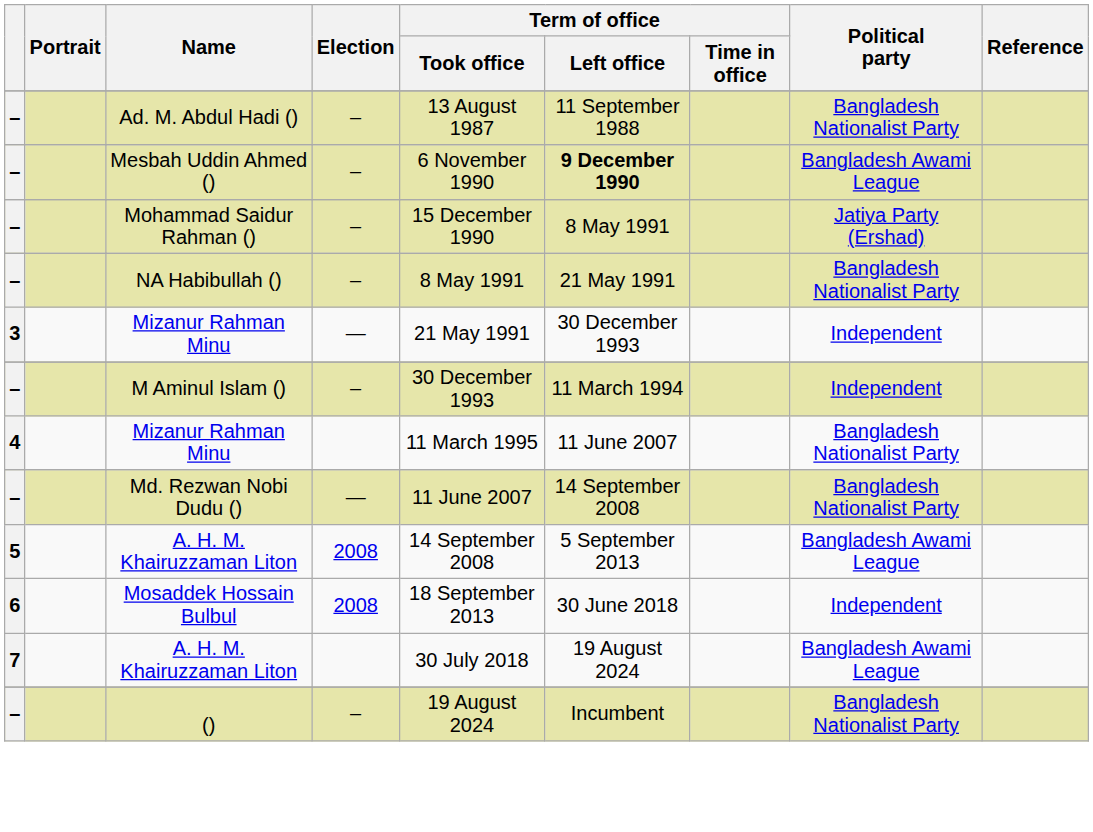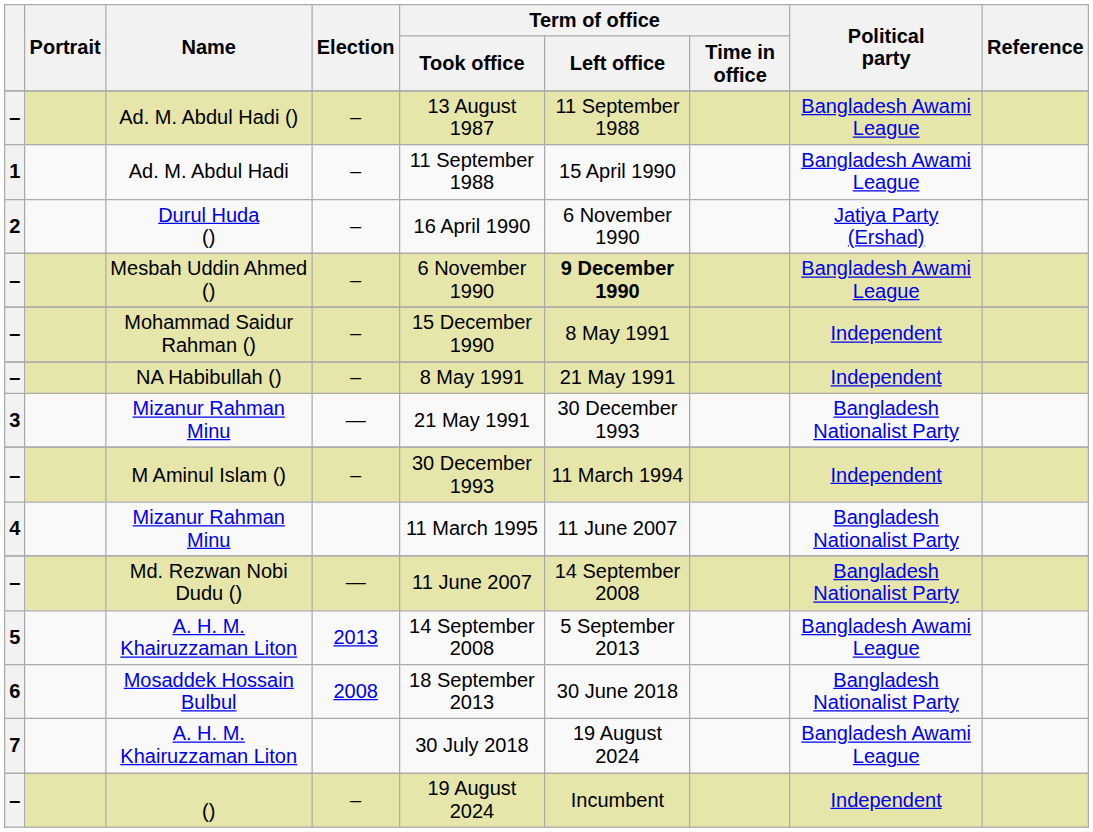 <table class="wikitable" style="text-align:center">
 <tr>
 <th rowspan="2"></th>
 <th rowspan="2">Portrait</th>
 <th rowspan="2">Name<br></th>
 <th rowspan="2">Election</th>
 <th colspan="3"><strong>Term of office</strong></th>
 <th rowspan="2"><strong>Political<br> party</strong></th>
 <th rowspan="2"><strong>Reference</strong></th>
 </tr>
 <tr>
 <th><strong>Took office</strong></th>
 <th><strong>Left office</strong></th>
 <th><strong>Time in office</strong></th>
 </tr>
 <tr>
 </tr>
 <tr style="background:#e6e6aa;">
 <th style="background:">–</th>
 <td align=center></td>
 <td>Ad. M. Abdul Hadi ()</td>
 <td>–</td>
 <td align=center>13 August 1987</td>
 <td align=center>11 September 1988</td>
 <td></td>
-<td><a href='#'>Bangladesh Nationalist Party</a></td>
+<td><a href='#'>Bangladesh Awami League</a></td>
+<td></td>
+</tr>
+<tr>
+<th style="background:">1</th>
+<td align=center></td>
+<td>Ad. M. Abdul Hadi</td>
+<td>–</td>
+<td align=center>11 September 1988</td>
+<td align=center>15 April 1990</td>
+<td></td>
+<td><a href='#'>Bangladesh Awami League</a></td>
+<td></td>
+</tr>
+<tr>
+<th style="background:">2</th>
+<td align=center></td>
+<td><a href='#'>Durul Huda</a><br>()</td>
+<td>–</td>
+<td align=center>16 April 1990</td>
+<td align=center>6 November 1990</td>
+<td></td>
+<td><a href='#'>Jatiya Party (Ershad)</a></td>
 <td></td>
 </tr>
 <tr>
 </tr>
 <tr style="background:#e6e6aa;">
 <th style="background:">–</th>
 <td align=center></td>
 <td>Mesbah Uddin Ahmed ()</td>
 <td>–</td>
 <td align=center>6 November 1990</td>
 <td align=center><strong>9 December 1990</strong></td>
 <td></td>
 <td><a href='#'>Bangladesh Awami League</a></td>
 <td></td>
 </tr>
 <tr>
 </tr>
 <tr style="background:#e6e6aa;">
 <th style="background:">–</th>
 <td align=center></td>
 <td>Mohammad Saidur Rahman ()</td>
 <td>–</td>
 <td align=center>15 December 1990</td>
 <td align=center>8 May 1991</td>
 <td></td>
-<td><a href='#'>Jatiya Party (Ershad)</a></td>
+<td><a href='#'>Independent</a></td>
 <td></td>
 </tr>
 <tr>
 </tr>
 <tr style="background:#e6e6aa;">
 <th style="background:">–</th>
 <td align=center></td>
 <td>NA Habibullah ()</td>
 <td>–</td>
 <td align=center>8 May 1991</td>
 <td align=center>21 May 1991</td>
 <td></td>
-<td><a href='#'>Bangladesh Nationalist Party</a></td>
+<td><a href='#'>Independent</a></td>
 <td></td>
 </tr>
 <tr>
 <th style="background:">3</th>
 <td align=center></td>
 <td><a href='#'>Mizanur Rahman Minu</a></td>
 <td>—</td>
 <td align=center>21 May 1991</td>
 <td align=center>30 December 1993</td>
 <td></td>
-<td><a href='#'>Independent</a></td>
+<td><a href='#'>Bangladesh Nationalist Party</a></td>
 <td></td>
 </tr>
 <tr>
 </tr>
 <tr style="background:#e6e6aa;">
 <th style="background:">–</th>
 <td align=center></td>
 <td>M Aminul Islam ()</td>
 <td>–</td>
 <td align=center>30 December 1993</td>
 <td align=center>11 March 1994</td>
 <td></td>
 <td><a href='#'>Independent</a></td>
 <td></td>
 </tr>
 <tr>
 <th style="background:">4</th>
 <td align=center></td>
 <td><a href='#'>Mizanur Rahman Minu</a></td>
 <td></td>
 <td align=center>11 March 1995</td>
 <td align=center>11 June 2007</td>
 <td></td>
 <td><a href='#'>Bangladesh Nationalist Party</a></td>
 <td></td>
 </tr>
 <tr>
 </tr>
 <tr style="background:#e6e6aa;">
 <th style="background:">–</th>
 <td align=center></td>
 <td>Md. Rezwan Nobi Dudu ()</td>
 <td>—</td>
 <td align=center>11 June 2007</td>
 <td align=center>14 September 2008</td>
 <td></td>
 <td><a href='#'>Bangladesh Nationalist Party</a></td>
 <td></td>
 </tr>
 <tr>
 <th style="background:">5</th>
 <td align=center></td>
 <td><a href='#'>A. H. M. Khairuzzaman Liton</a></td>
-<td><a href='#'>2008</a></td>
+<td><a href='#'>2013</a></td>
 <td align=center>14 September 2008</td>
 <td align=center>5 September 2013</td>
 <td></td>
 <td><a href='#'>Bangladesh Awami League</a></td>
 <td></td>
 </tr>
 <tr>
 <th style="background:">6</th>
 <td align=center></td>
 <td><a href='#'>Mosaddek Hossain Bulbul</a></td>
 <td><a href='#'>2008</a></td>
 <td align=center>18 September 2013</td>
 <td align=center>30 June 2018</td>
 <td></td>
-<td><a href='#'>Independent</a></td>
+<td><a href='#'>Bangladesh Nationalist Party</a></td>
 <td></td>
 </tr>
 <tr>
 <th style="background:">7</th>
 <td align=center></td>
 <td><a href='#'>A. H. M. Khairuzzaman Liton</a></td>
 <td></td>
 <td align=center>30 July 2018</td>
 <td align=center>19 August 2024</td>
 <td></td>
 <td><a href='#'>Bangladesh Awami League</a></td>
 <td></td>
 </tr>
 <tr>
 </tr>
 <tr style="background:#e6e6aa;">
 <th style="background:">–</th>
 <td align=center></td>
 <td><br>()</td>
 <td>–</td>
 <td align=center>19 August 2024</td>
 <td align=center>Incumbent</td>
 <td></td>
-<td><a href='#'>Bangladesh Nationalist Party</a></td>
+<td><a href='#'>Independent</a></td>
 <td></td>
 </tr>
 </table>
